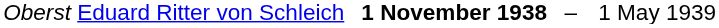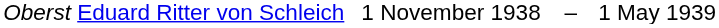 <table>
 <tr>
 <th style="width: 250px;"></th>
 <th style="width: 140px;"></th>
 <th style="width: 20px;"></th>
 <th style="width: 140px;"></th>
 </tr>
 <tr>
 <td><em>Oberst</em> <a href='#'>Eduard Ritter von Schleich</a></td>
-<td><strong>1 November 1938</strong></td>
+<td>1 November 1938</td>
 <td>–</td>
 <td>1 May 1939</td>
 </tr>
 </table>
